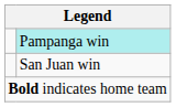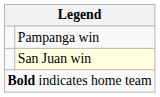 <table class="wikitable">
 <tr>
 <th colspan="4">Legend</th>
 </tr>
 <tr>
 <td></td>
-<td style="background: paleturquoise;">Pampanga win</td>
+<td>Pampanga win</td>
 </tr>
 <tr>
 <td></td>
-<td>San Juan win</td>
+<td style="background: lightyellow;">San Juan win</td>
 </tr>
 <tr>
 <td colspan="2"><strong>Bold</strong> indicates home team</td>
 </tr>
 </table>
